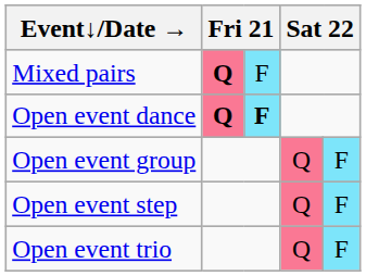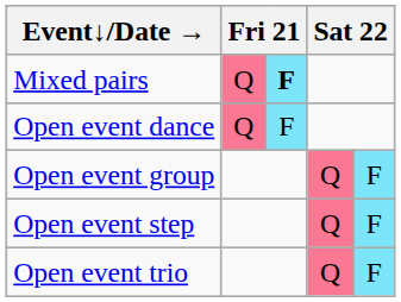 <table class="wikitable" style="margin:0.5em auto; font-size:90%; line-height:1.25em;">
 <tr style="text-align:center;">
 <th>Event↓/Date →</th>
 <th colspan=2>Fri 21</th>
 <th colspan=2>Sat 22</th>
 </tr>
 <tr style="text-align:center;">
 <td style="text-align:left;"><a href='#'>Mixed pairs</a></td>
-<td style="background-color:#FA7894;text-align:center;"><strong>Q</strong></td>
-<td style="background-color:#7DE5FA;">F</td>
+<td style="background-color:#FA7894;text-align:center;">Q</td>
+<td style="background-color:#7DE5FA;"><strong>F</strong></td>
 <td colspan=2></td>
 </tr>
 <tr style="text-align:center;">
 <td style="text-align:left;"><a href='#'>Open event dance</a></td>
-<td style="background-color:#FA7894;text-align:center;"><strong>Q</strong></td>
-<td style="background-color:#7DE5FA;"><strong>F</strong></td>
+<td style="background-color:#FA7894;text-align:center;">Q</td>
+<td style="background-color:#7DE5FA;">F</td>
 <td colspan=2></td>
 </tr>
 <tr style="text-align:center;">
 <td style="text-align:left;"><a href='#'>Open event group</a></td>
 <td colspan=2></td>
 <td style="background-color:#FA7894;text-align:center;">Q</td>
 <td style="background-color:#7DE5FA;">F</td>
 </tr>
 <tr style="text-align:center;">
 <td style="text-align:left;"><a href='#'>Open event step</a></td>
 <td colspan=2></td>
 <td style="background-color:#FA7894;text-align:center;">Q</td>
 <td style="background-color:#7DE5FA;">F</td>
 </tr>
 <tr style="text-align:center;">
 <td style="text-align:left;"><a href='#'>Open event trio</a></td>
 <td colspan=2></td>
 <td style="background-color:#FA7894;text-align:center;">Q</td>
 <td style="background-color:#7DE5FA;">F</td>
 </tr>
 </table>
